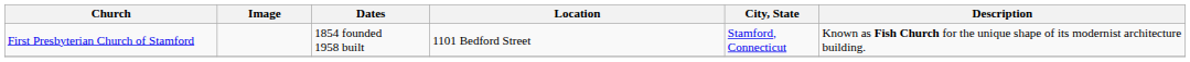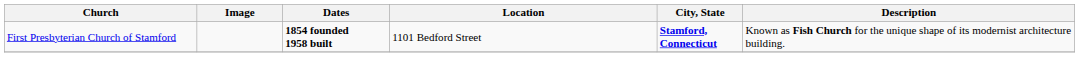 <table class="wikitable sortable" style="width:98%">
 <tr>
 <th width = 18%><strong>Church</strong></th>
 <th width = 8% class="unsortable"><strong>Image</strong></th>
 <th width = 10%><strong>Dates</strong></th>
 <th width = 25%><strong>Location</strong></th>
 <th width = 8%><strong>City, State</strong></th>
 <th class="unsortable"><strong>Description</strong></th>
 </tr>
 <tr>
 <td><a href='#'>First Presbyterian Church of Stamford</a></td>
 <td></td>
-<td>1854 founded<br>1958 built</td>
+<td><strong>1854 founded<br>1958 built</strong></td>
 <td>1101 Bedford Street<br><small></small></td>
-<td><a href='#'>Stamford, Connecticut</a></td>
+<td><strong><a href='#'>Stamford, Connecticut</a></strong></td>
 <td>Known as <strong>Fish Church</strong> for the unique shape of its modernist architecture building.</td>
 </tr>
 <tr>
 </tr>
 </table>
